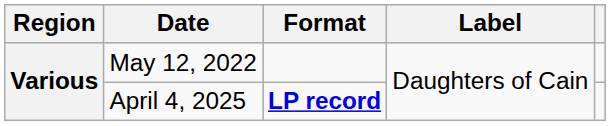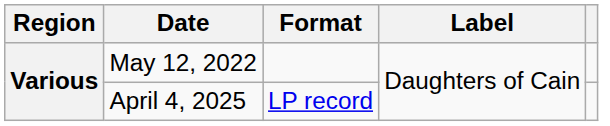 <table class="wikitable plainrowheaders">
 <tr>
 <th scope="col">Region</th>
 <th scope="col">Date</th>
 <th scope="col">Format</th>
 <th scope="col">Label</th>
 <th scope="col"></th>
 </tr>
 <tr>
 <th rowspan="2" scope="row">Various</th>
 <td>May 12, 2022</td>
 <td></td>
 <td rowspan="2">Daughters of Cain</td>
 <td align="center"></td>
 </tr>
 <tr>
 <td>April 4, 2025</td>
-<td><strong><a href='#'>LP record</a></strong></td>
+<td><a href='#'>LP record</a></td>
 <td align="center"></td>
 </tr>
 </table>
